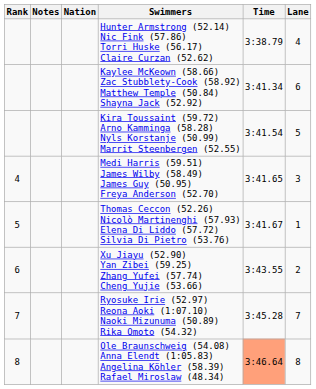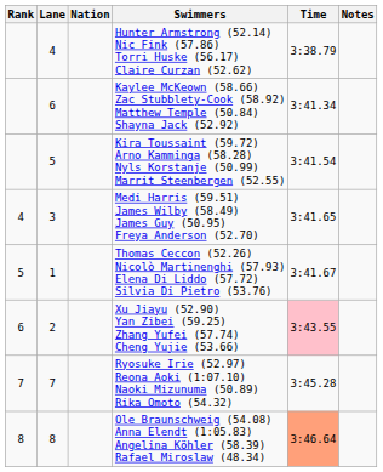 <table class="wikitable sortable" style="text-align:center">
 <tr>
 <th>Rank</th>
-<th>Notes</th>
+<th>Lane</th>
 <th>Nation</th>
 <th>Swimmers</th>
 <th>Time</th>
-<th>Lane</th>
+<th>Notes</th>
 </tr>
 <tr>
 <td></td>
-<td></td>
+<td>4</td>
 <td align=left></td>
 <td align=left><a href='#'>Hunter Armstrong</a> (52.14)<br><a href='#'>Nic Fink</a> (57.86)<br><a href='#'>Torri Huske</a> (56.17)<br><a href='#'>Claire Curzan</a> (52.62)</td>
 <td>3:38.79</td>
-<td>4</td>
+<td></td>
 </tr>
 <tr>
 <td></td>
-<td></td>
+<td>6</td>
 <td align=left></td>
 <td align=left><a href='#'>Kaylee McKeown</a> (58.66)<br><a href='#'>Zac Stubblety-Cook</a> (58.92)<br><a href='#'>Matthew Temple</a> (50.84)<br><a href='#'>Shayna Jack</a> (52.92)</td>
 <td>3:41.34</td>
-<td>6</td>
+<td></td>
 </tr>
 <tr>
 <td></td>
-<td></td>
+<td>5</td>
 <td align=left></td>
 <td align=left><a href='#'>Kira Toussaint</a> (59.72)<br><a href='#'>Arno Kamminga</a> (58.28)<br><a href='#'>Nyls Korstanje</a> (50.99)<br><a href='#'>Marrit Steenbergen</a> (52.55)</td>
 <td>3:41.54</td>
-<td>5</td>
+<td></td>
 </tr>
 <tr>
 <td>4</td>
-<td></td>
+<td>3</td>
 <td align=left></td>
 <td align=left><a href='#'>Medi Harris</a> (59.51)<br><a href='#'>James Wilby</a> (58.49)<br><a href='#'>James Guy</a> (50.95)<br><a href='#'>Freya Anderson</a> (52.70)</td>
 <td>3:41.65</td>
-<td>3</td>
+<td></td>
 </tr>
 <tr>
 <td>5</td>
-<td></td>
+<td>1</td>
 <td align=left></td>
 <td align=left><a href='#'>Thomas Ceccon</a> (52.26)<br><a href='#'>Nicolò Martinenghi</a> (57.93)<br><a href='#'>Elena Di Liddo</a> (57.72)<br><a href='#'>Silvia Di Pietro</a> (53.76)</td>
 <td>3:41.67</td>
-<td>1</td>
+<td></td>
 </tr>
 <tr>
 <td>6</td>
-<td></td>
+<td>2</td>
 <td align=left></td>
 <td align=left><a href='#'>Xu Jiayu</a> (52.90)<br><a href='#'>Yan Zibei</a> (59.25)<br><a href='#'>Zhang Yufei</a> (57.74)<br><a href='#'>Cheng Yujie</a> (53.66)</td>
-<td>3:43.55</td>
-<td>2</td>
+<td style="background: pink;">3:43.55</td>
+<td></td>
 </tr>
 <tr>
 <td>7</td>
-<td></td>
+<td>7</td>
 <td align=left></td>
 <td align=left><a href='#'>Ryosuke Irie</a> (52.97)<br><a href='#'>Reona Aoki</a> (1:07.10)<br><a href='#'>Naoki Mizunuma</a> (50.89)<br><a href='#'>Rika Omoto</a> (54.32)</td>
 <td>3:45.28</td>
-<td>7</td>
+<td></td>
 </tr>
 <tr>
 <td>8</td>
-<td></td>
+<td>8</td>
 <td align=left></td>
 <td align=left><a href='#'>Ole Braunschweig</a> (54.08)<br><a href='#'>Anna Elendt</a> (1:05.83)<br><a href='#'>Angelina Köhler</a> (58.39)<br><a href='#'>Rafael Miroslaw</a> (48.34)</td>
 <td style="background: lightsalmon;">3:46.64</td>
-<td>8</td>
+<td></td>
 </tr>
 </table>
